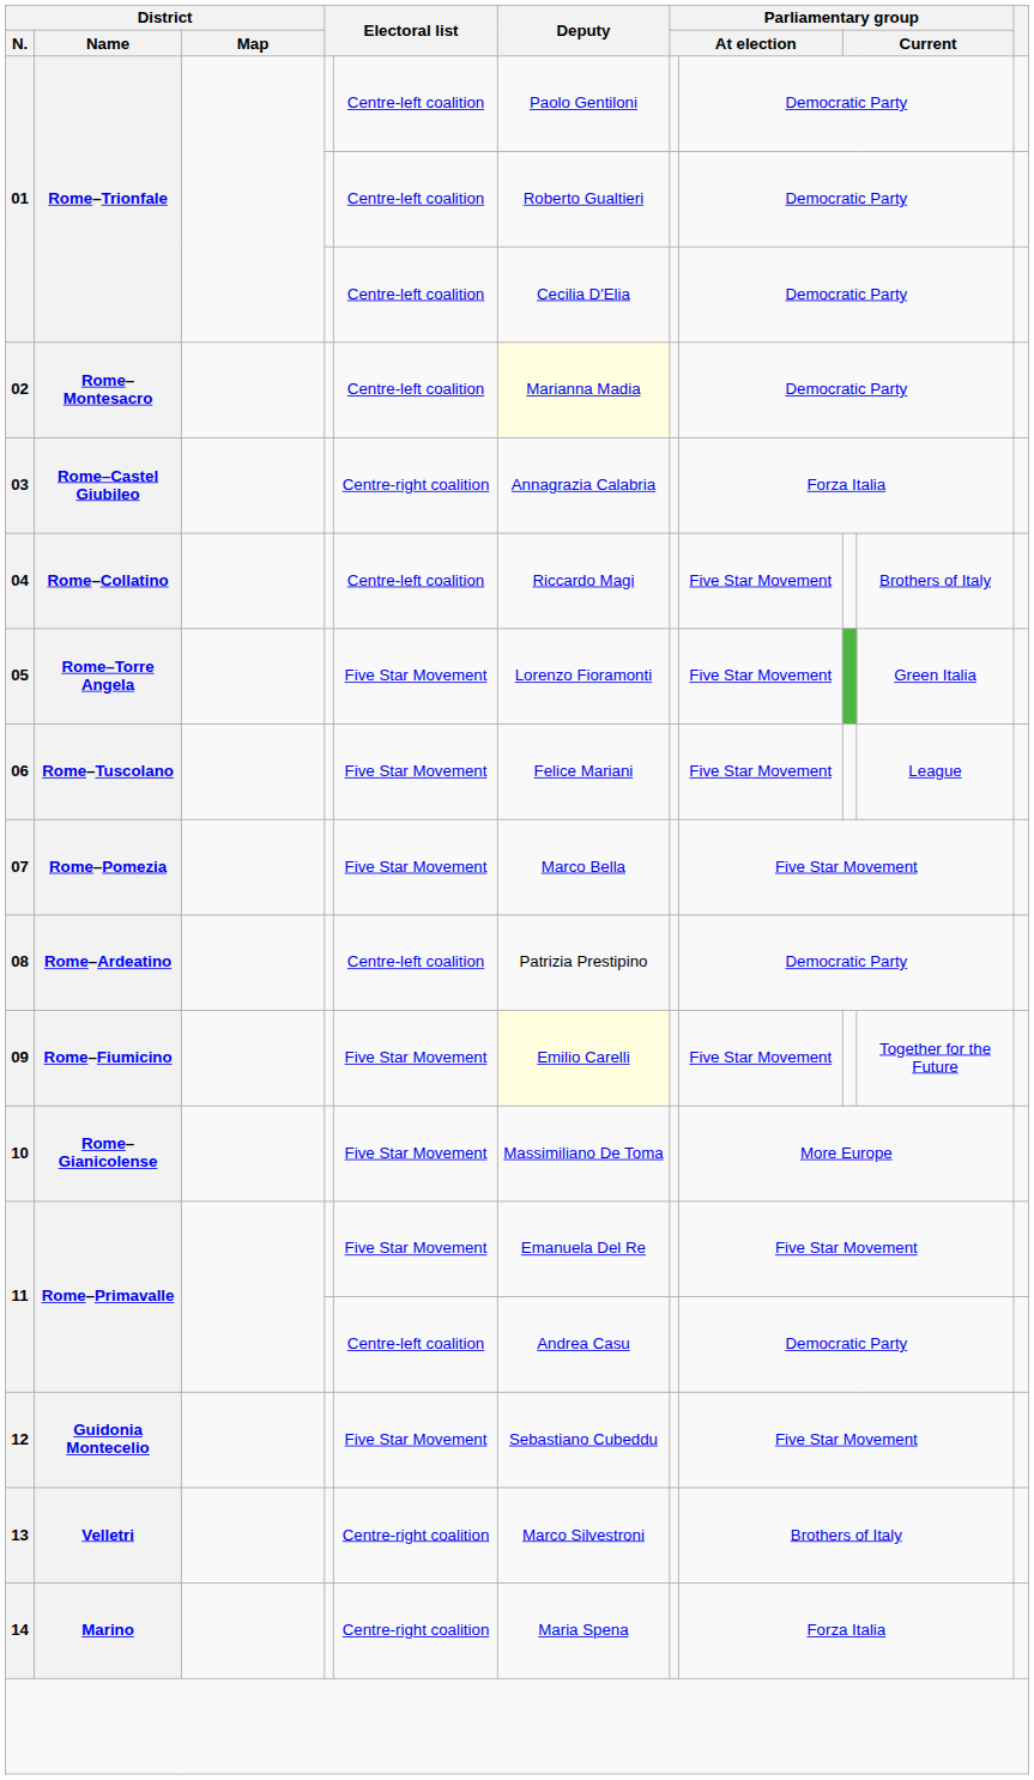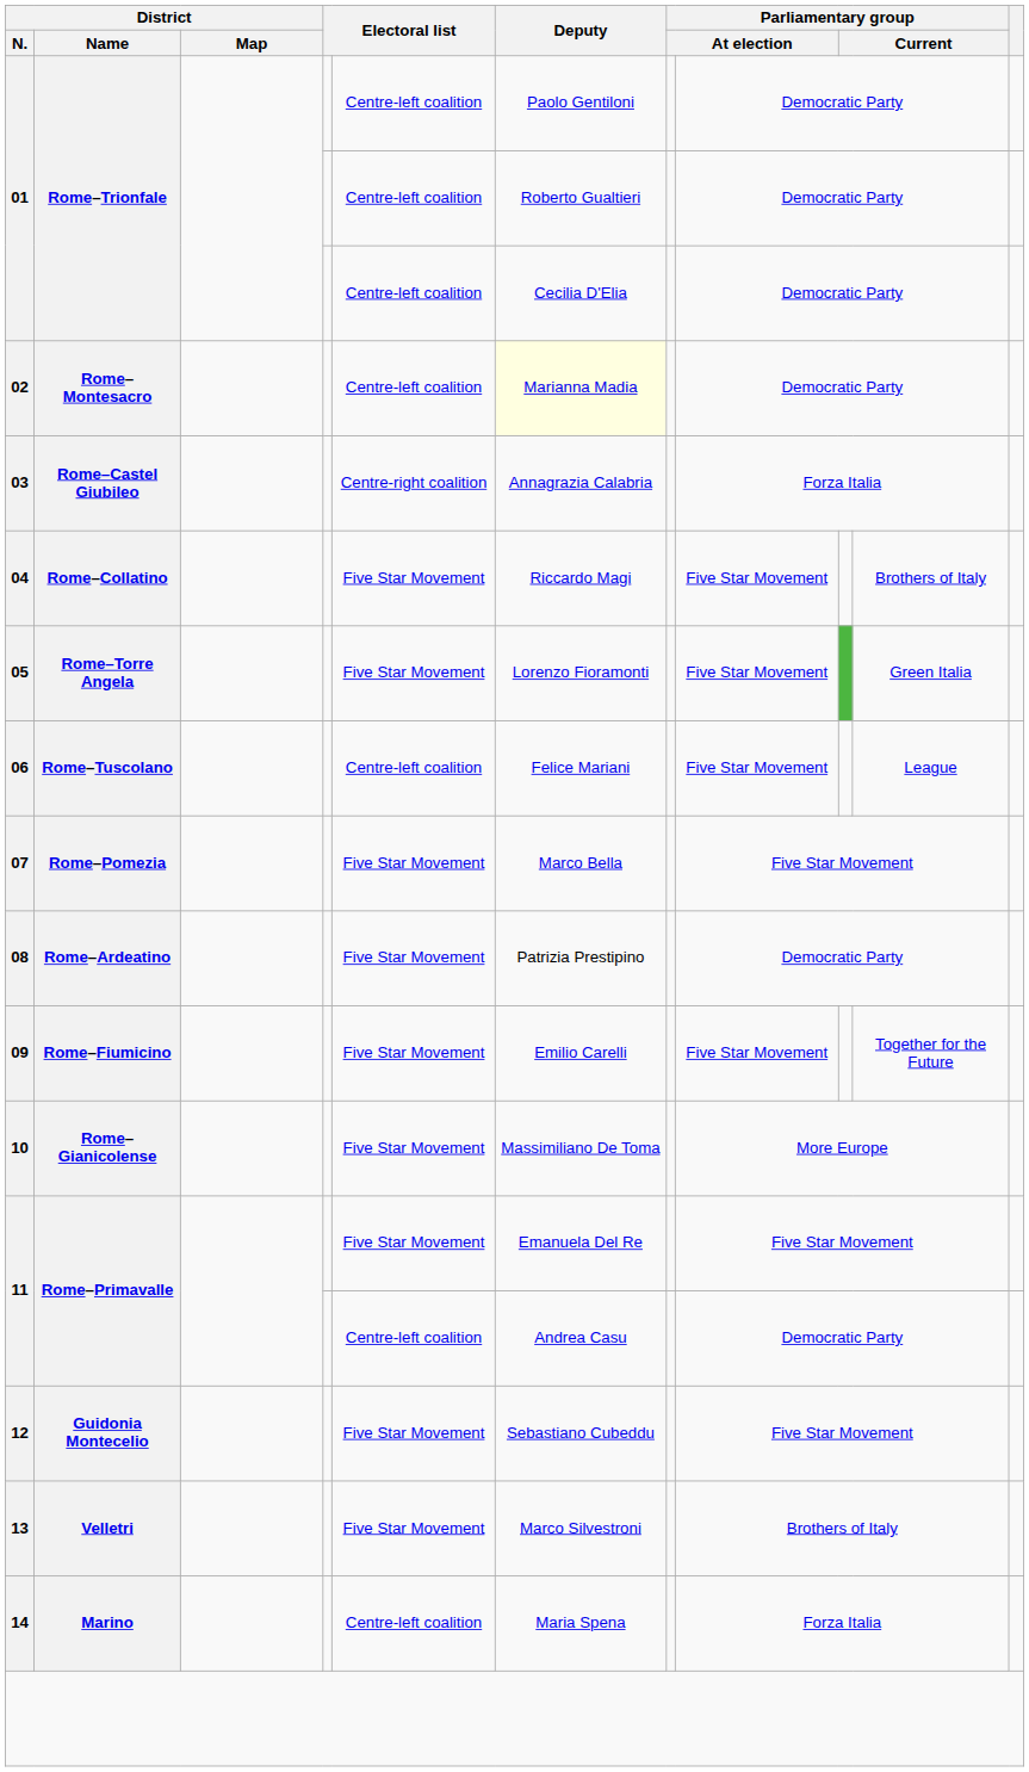 <table class="wikitable" style="text-align:center; style="width=65%">
 <tr>
 <th width=20% colspan="3">District</th>
 <th width=12% colspan="2" rowspan="2">Electoral list</th>
 <th width=12% rowspan="2">Deputy</th>
 <th width=24% colspan="4">Parliamentary group</th>
 <th width=1% rowspan="2"></th>
 </tr>
 <tr>
 <th width=1%>N.</th>
 <th width=10%>Name</th>
 <th width=10%>Map</th>
 <th width=12% colspan="2">At election</th>
 <th width=12% colspan="2">Current</th>
 </tr>
 <tr style="height:6em;">
 <th rowspan="3">01</th>
 <th rowspan="3"><a href='#'>Rome</a>–<a href='#'>Trionfale</a></th>
 <td rowspan="3"></td>
 <td style="background:"></td>
 <td><a href='#'>Centre-left coalition</a></td>
 <td><a href='#'>Paolo Gentiloni</a><br></td>
 <td style="background:"></td>
 <td colspan=3><a href='#'>Democratic Party</a></td>
 <td></td>
 </tr>
 <tr style="height:6em;">
 <td style="background:"></td>
 <td><a href='#'>Centre-left coalition</a></td>
 <td><a href='#'>Roberto Gualtieri</a><br></td>
 <td style="background:"></td>
 <td colspan=3><a href='#'>Democratic Party</a></td>
 <td></td>
 </tr>
 <tr style="height:6em;">
 <td style="background:"></td>
 <td><a href='#'>Centre-left coalition</a></td>
 <td><a href='#'>Cecilia D'Elia</a><br></td>
 <td style="background:"></td>
 <td colspan=3><a href='#'>Democratic Party</a></td>
 <td></td>
 </tr>
 <tr style="height:6em;">
 <th>02</th>
 <th><a href='#'>Rome</a>–<a href='#'>Montesacro</a></th>
 <td></td>
 <td style="background:"></td>
 <td><a href='#'>Centre-left coalition</a></td>
 <td style="background: lightyellow;"><a href='#'>Marianna Madia</a></td>
 <td style="background:"></td>
 <td colspan=3><a href='#'>Democratic Party</a></td>
 <td></td>
 </tr>
 <tr style="height:6em;">
 <th>03</th>
 <th><a href='#'>Rome</a><a href='#'>–Castel Giubileo</a></th>
 <td></td>
 <td style="background:"></td>
 <td><a href='#'>Centre-right coalition</a></td>
 <td><a href='#'>Annagrazia Calabria</a></td>
 <td style="background:"></td>
 <td colspan=3><a href='#'>Forza Italia</a></td>
 <td></td>
 </tr>
 <tr style="height:6em;">
 <th>04</th>
 <th><a href='#'>Rome</a>–<a href='#'>Collatino</a></th>
 <td></td>
 <td style="background:"></td>
-<td><a href='#'>Centre-left coalition</a></td>
+<td><a href='#'>Five Star Movement</a></td>
 <td><a href='#'>Riccardo Magi</a></td>
 <td style="background:"></td>
 <td><a href='#'>Five Star Movement</a></td>
 <td style="background:"></td>
 <td><a href='#'>Brothers of Italy</a></td>
 <td></td>
 </tr>
 <tr style="height:6em;">
 <th>05</th>
 <th><a href='#'>Rome–Torre Angela</a></th>
 <td></td>
 <td style="background:"></td>
 <td><a href='#'>Five Star Movement</a></td>
 <td><a href='#'>Lorenzo Fioramonti</a></td>
 <td style="background:"></td>
 <td><a href='#'>Five Star Movement</a></td>
 <td style="background:#4CB640" width=1%></td>
 <td><a href='#'>Green Italia</a></td>
 <td></td>
 </tr>
 <tr style="height:6em;">
 <th>06</th>
 <th><a href='#'>Rome</a>–<a href='#'>Tuscolano</a></th>
 <td></td>
 <td style="background:"></td>
-<td><a href='#'>Five Star Movement</a></td>
+<td><a href='#'>Centre-left coalition</a></td>
 <td><a href='#'>Felice Mariani</a></td>
 <td style="background:"></td>
 <td><a href='#'>Five Star Movement</a></td>
 <td style="background:"></td>
 <td><a href='#'>League</a></td>
 <td></td>
 </tr>
 <tr style="height:6em;">
 <th>07</th>
 <th><a href='#'>Rome</a>–<a href='#'>Pomezia</a></th>
 <td></td>
 <td style="background:"></td>
 <td><a href='#'>Five Star Movement</a></td>
 <td><a href='#'>Marco Bella</a></td>
 <td style="background:"></td>
 <td colspan=3><a href='#'>Five Star Movement</a></td>
 <td></td>
 </tr>
 <tr style="height:6em;">
 <th>08</th>
 <th><a href='#'>Rome</a>–<a href='#'>Ardeatino</a></th>
 <td></td>
 <td style="background:"></td>
-<td><a href='#'>Centre-left coalition</a></td>
+<td><a href='#'>Five Star Movement</a></td>
 <td>Patrizia Prestipino</td>
 <td style="background:"></td>
 <td colspan=3><a href='#'>Democratic Party</a></td>
 <td></td>
 </tr>
 <tr style="height:6em;">
 <th>09</th>
 <th><a href='#'>Rome</a>–<a href='#'>Fiumicino</a></th>
 <td></td>
 <td style="background:"></td>
 <td><a href='#'>Five Star Movement</a></td>
-<td style="background: lightyellow;"><a href='#'>Emilio Carelli</a></td>
+<td><a href='#'>Emilio Carelli</a></td>
 <td style="background:"></td>
 <td><a href='#'>Five Star Movement</a></td>
 <td style="background:"></td>
 <td><a href='#'>Together for the Future</a></td>
 <td></td>
 </tr>
 <tr style="height:6em;">
 <th>10</th>
 <th><a href='#'>Rome</a>–<a href='#'>Gianicolense</a></th>
 <td></td>
 <td style="background:"></td>
 <td><a href='#'>Five Star Movement</a></td>
 <td><a href='#'>Massimiliano De Toma</a></td>
 <td style="background:"></td>
 <td colspan=3><a href='#'>More Europe</a></td>
 <td></td>
 </tr>
 <tr style="height:6em;">
 <th rowspan="2">11</th>
 <th rowspan="2"><a href='#'>Rome</a>–<a href='#'>Primavalle</a></th>
 <td rowspan="2"></td>
 <td style="background:"></td>
 <td><a href='#'>Five Star Movement</a></td>
 <td><a href='#'>Emanuela Del Re</a><br></td>
 <td style="background:"></td>
 <td colspan=3><a href='#'>Five Star Movement</a></td>
 <td></td>
 </tr>
 <tr style="height:6em;">
 <td style="background:"></td>
 <td><a href='#'>Centre-left coalition</a></td>
 <td><a href='#'>Andrea Casu</a><br></td>
 <td style="background:"></td>
 <td colspan=3><a href='#'>Democratic Party</a></td>
 <td></td>
 </tr>
 <tr style="height:6em;">
 <th>12</th>
 <th><a href='#'>Guidonia Montecelio</a></th>
 <td></td>
 <td style="background:"></td>
 <td><a href='#'>Five Star Movement</a></td>
 <td><a href='#'>Sebastiano Cubeddu</a></td>
 <td style="background:"></td>
 <td colspan=3><a href='#'>Five Star Movement</a></td>
 <td></td>
 </tr>
 <tr style="height:6em;">
 <th>13</th>
 <th><a href='#'>Velletri</a></th>
 <td></td>
 <td style="background:"></td>
-<td><a href='#'>Centre-right coalition</a></td>
+<td><a href='#'>Five Star Movement</a></td>
 <td><a href='#'>Marco Silvestroni</a></td>
 <td style="background:"></td>
 <td colspan=3><a href='#'>Brothers of Italy</a></td>
 <td></td>
 </tr>
 <tr style="height:6em;">
 <th>14</th>
 <th><a href='#'>Marino</a></th>
 <td></td>
 <td style="background:"></td>
-<td><a href='#'>Centre-right coalition</a></td>
+<td><a href='#'>Centre-left coalition</a></td>
 <td><a href='#'>Maria Spena</a></td>
 <td style="background:"></td>
 <td colspan=3><a href='#'>Forza Italia</a></td>
 <td></td>
 </tr>
 <tr style="height:6em;">
 </tr>
 </table>
